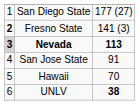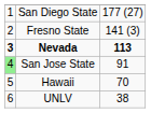 <table class="wikitable" style="display: inline-table;">
 <tr align="center">
 </tr>
 <tr align="center">
 <td>1</td>
 <td>San Diego State</td>
 <td>177 (27)</td>
 </tr>
 <tr align="center">
-<td><strong>2</strong></td>
+<td>2</td>
 <td>Fresno State</td>
 <td>141 (3)</td>
 </tr>
 <tr align="center">
-<td style="background: lightgrey;"><strong>3</strong></td>
+<td><strong>3</strong></td>
 <td><strong>Nevada</strong></td>
 <td><strong>113</strong></td>
 </tr>
 <tr align="center">
-<td>4</td>
+<td style="background: lightgreen;">4</td>
 <td>San Jose State</td>
 <td>91</td>
 </tr>
 <tr align="center">
 <td>5</td>
 <td>Hawaii</td>
 <td>70</td>
 </tr>
 <tr align="center">
 <td>6</td>
 <td>UNLV</td>
-<td><strong>38</strong></td>
+<td>38</td>
 </tr>
 </table>
